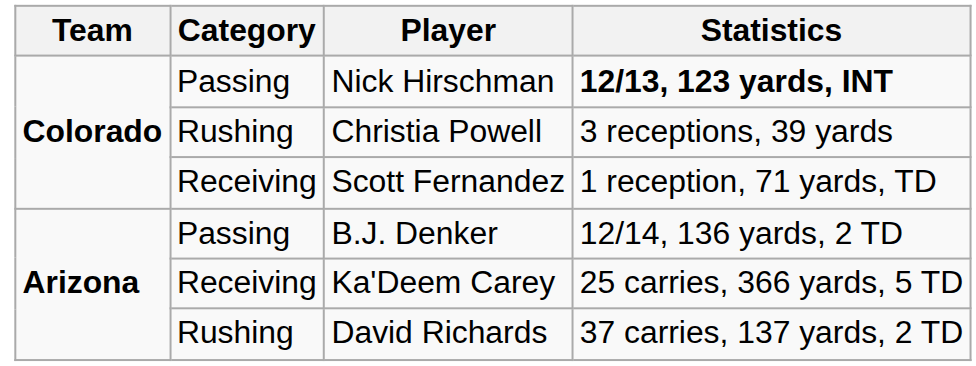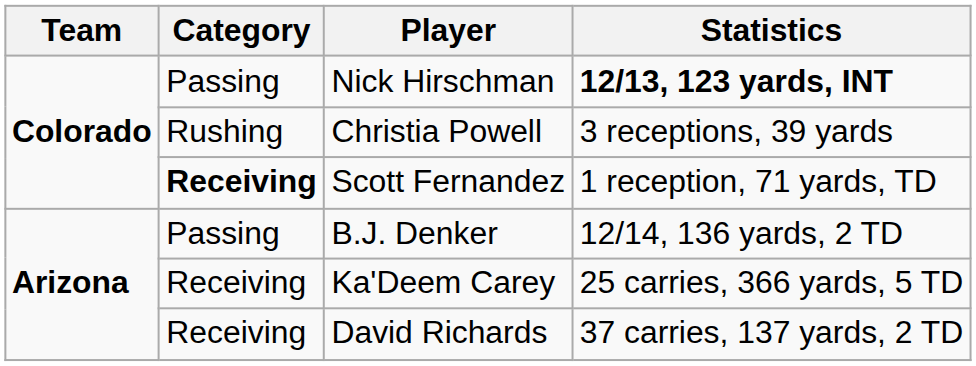 <table class="wikitable" style="float: right;">
 <tr>
 <th>Team</th>
 <th>Category</th>
 <th>Player</th>
 <th>Statistics</th>
 </tr>
 <tr>
 <td rowspan=3><strong>Colorado</strong></td>
 <td>Passing</td>
 <td>Nick Hirschman</td>
 <td><strong>12/13, 123 yards, INT</strong></td>
 </tr>
 <tr>
 <td>Rushing</td>
 <td>Christia Powell</td>
 <td>3 receptions, 39 yards</td>
 </tr>
 <tr>
-<td>Receiving</td>
+<td><strong>Receiving</strong></td>
 <td>Scott Fernandez</td>
 <td>1 reception, 71 yards, TD</td>
 </tr>
 <tr>
 <td rowspan=3><strong>Arizona</strong></td>
 <td>Passing</td>
 <td>B.J. Denker</td>
 <td>12/14, 136 yards, 2 TD</td>
 </tr>
 <tr>
 <td>Receiving</td>
 <td>Ka'Deem Carey</td>
 <td>25 carries, 366 yards, 5 TD</td>
 </tr>
 <tr>
-<td>Rushing</td>
+<td>Receiving</td>
 <td>David Richards</td>
 <td>37 carries, 137 yards, 2 TD</td>
 </tr>
 </table>
